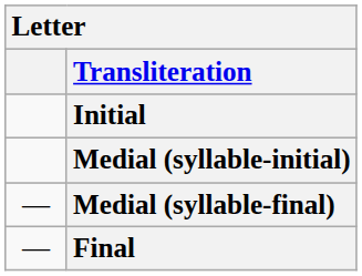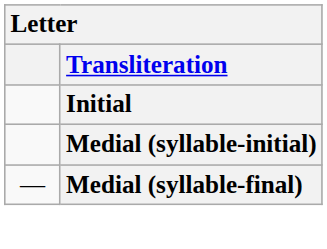 <table class="wikitable" style="text-align: center; display: inline-table;">
 <tr>
 <th colspan="2" style="text-align: left">Letter</th>
 </tr>
 <tr>
 <th style="min-width: 1.75em"></th>
 <th style="text-align: left"><a href='#'>Transliteration</a></th>
 </tr>
 <tr>
 <td></td>
 <th style="text-align: left">Initial</th>
 </tr>
 <tr>
 <td></td>
 <th style="text-align: left">Medial (syllable-initial)</th>
 </tr>
 <tr>
 <td>—</td>
 <th style="text-align: left">Medial (syllable-final)</th>
 </tr>
-<tr>
-<td>—</td>
-<th style="text-align: left">Final</th>
-</tr>
 </table>
